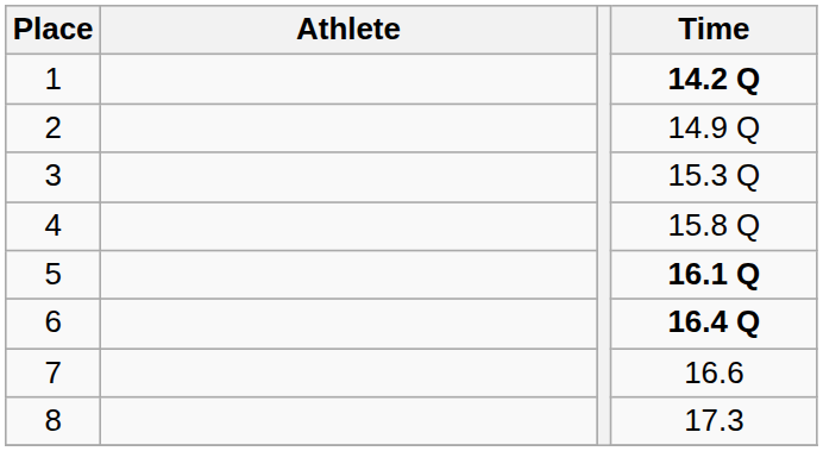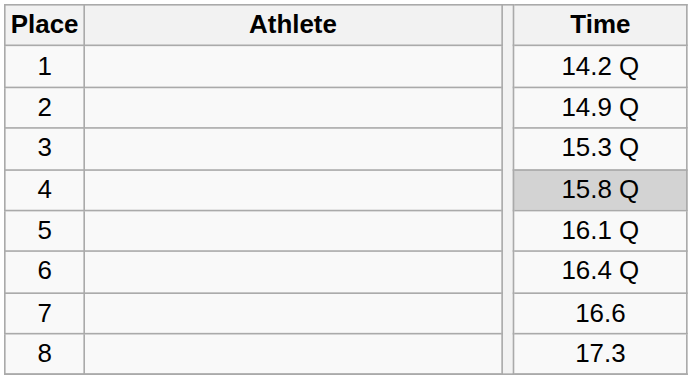 <table class="wikitable" style="text-align:center">
 <tr>
 <th>Place</th>
 <th width=250>Athlete</th>
 <th rowspan=27></th>
 <th width=100>Time</th>
 </tr>
 <tr>
 <td>1</td>
 <td align=left></td>
-<td><strong>14.2 Q</strong></td>
+<td>14.2 Q</td>
 </tr>
 <tr>
 <td>2</td>
 <td align=left></td>
 <td>14.9 Q</td>
 </tr>
 <tr>
 <td>3</td>
 <td align=left></td>
 <td>15.3 Q</td>
 </tr>
 <tr>
 <td>4</td>
 <td align=left></td>
-<td>15.8 Q</td>
+<td style="background: lightgrey;">15.8 Q</td>
 </tr>
 <tr>
 <td>5</td>
 <td align=left></td>
-<td><strong>16.1 Q</strong></td>
+<td>16.1 Q</td>
 </tr>
 <tr>
 <td>6</td>
 <td align=left></td>
-<td><strong>16.4 Q</strong></td>
+<td>16.4 Q</td>
 </tr>
 <tr>
 <td>7</td>
 <td align=left></td>
 <td>16.6</td>
 </tr>
 <tr>
 <td>8</td>
 <td align=left></td>
 <td>17.3</td>
 </tr>
 <tr>
 </tr>
 </table>
